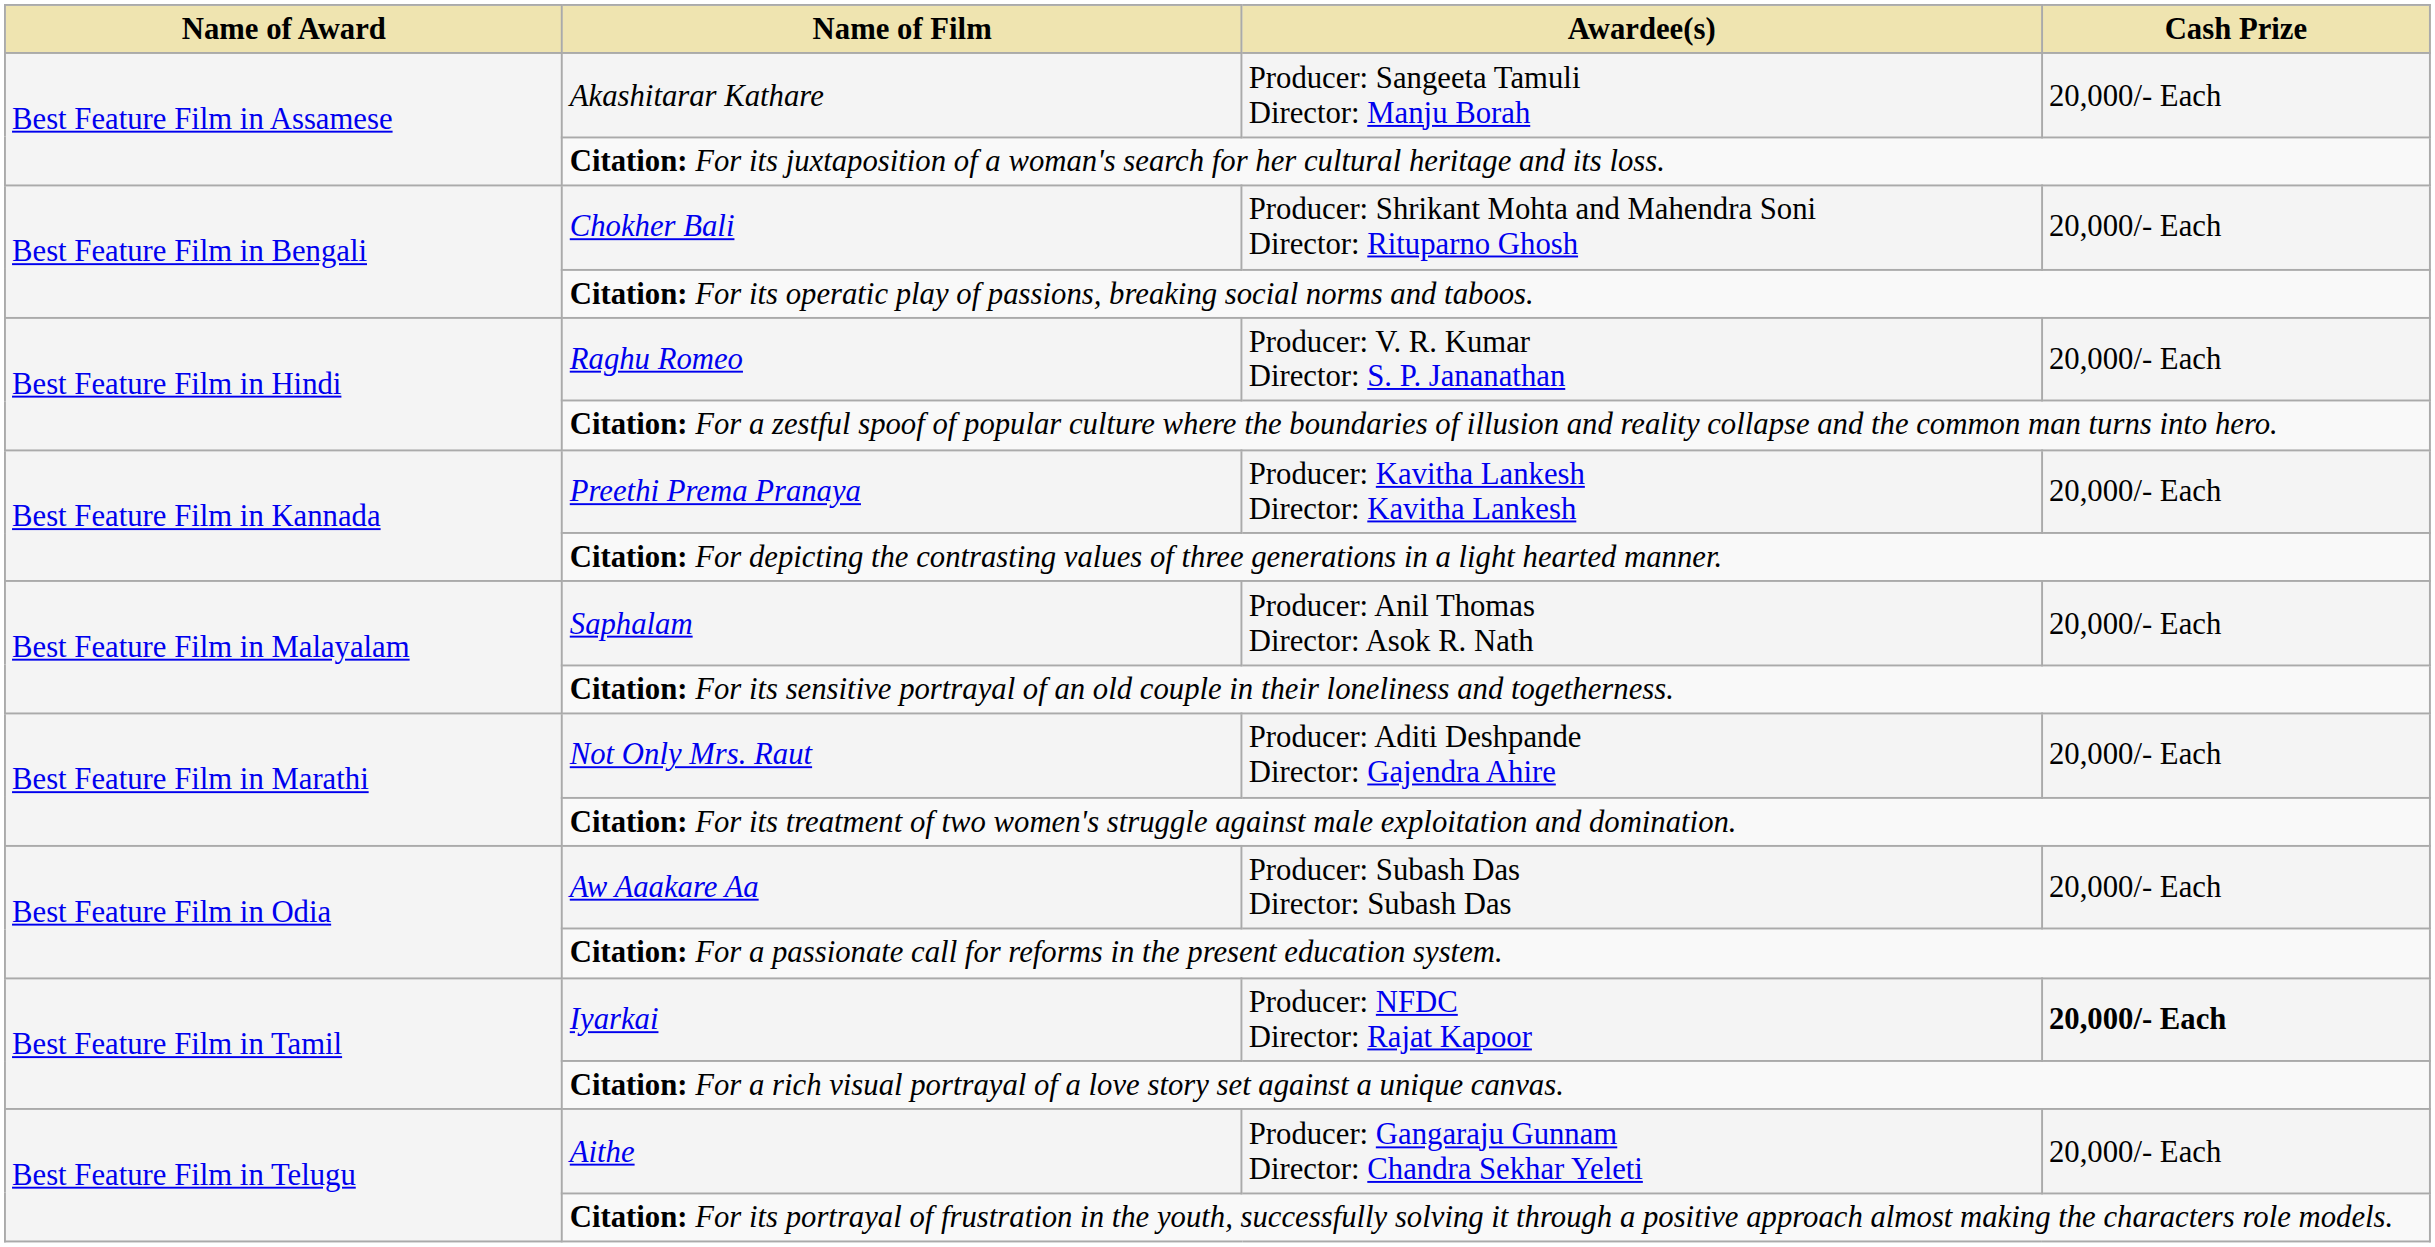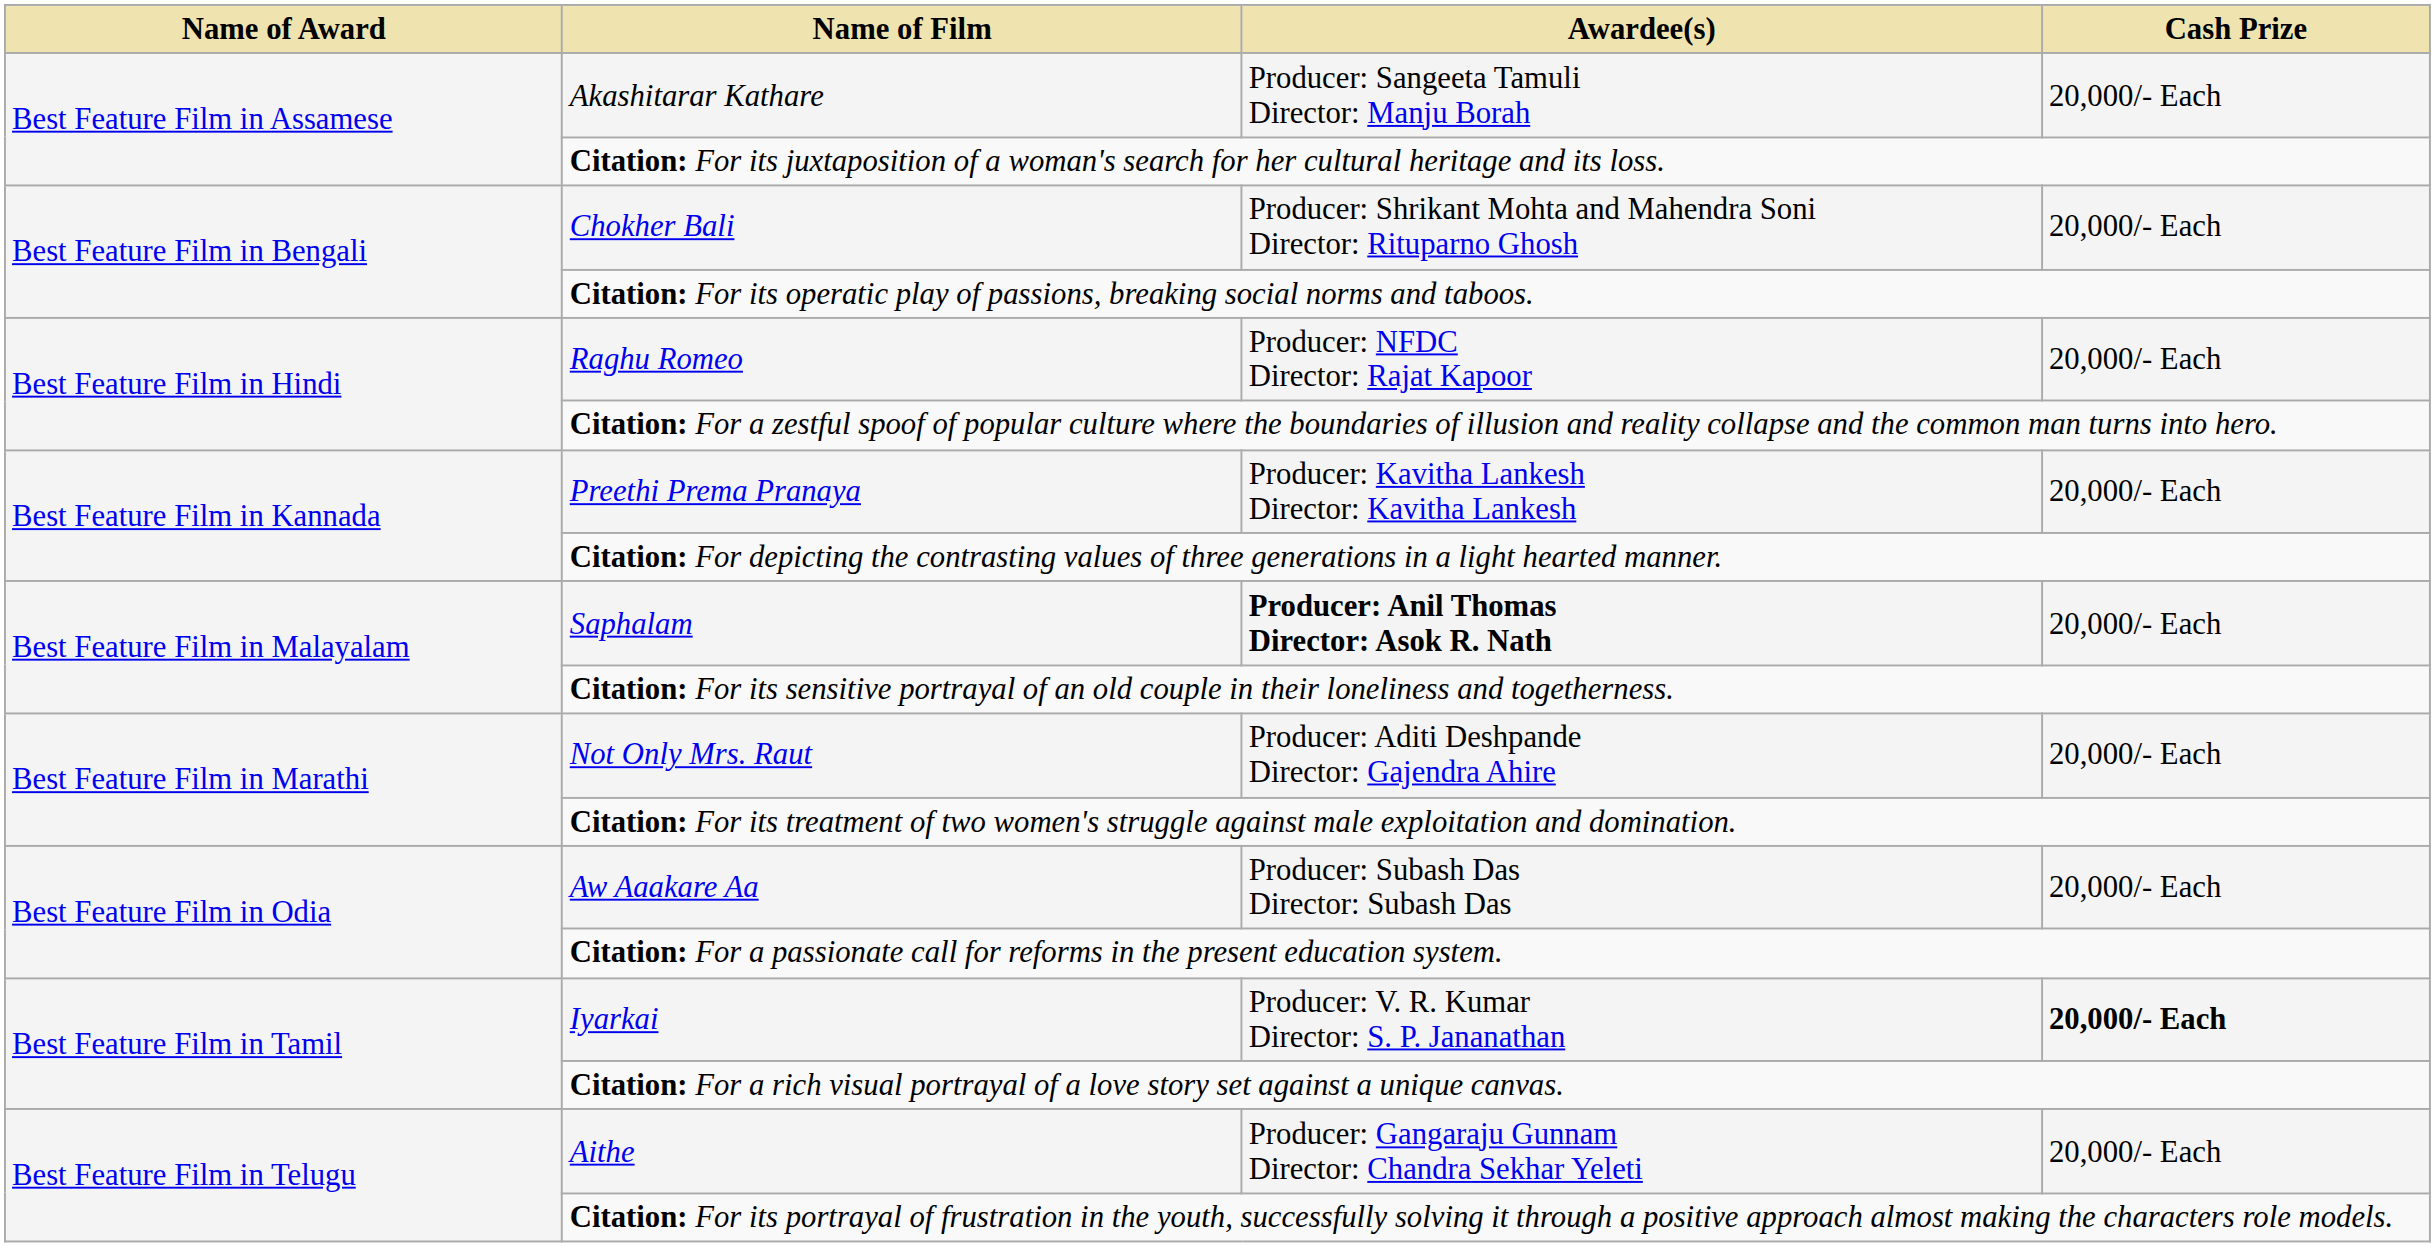 <table class="wikitable" style="width:100%;">
 <tr>
 <th style="background-color:#EFE4B0;width:23%;">Name of Award</th>
 <th style="background-color:#EFE4B0;width:28%;">Name of Film</th>
 <th style="background-color:#EFE4B0;width:33%;">Awardee(s)</th>
 <th style="background-color:#EFE4B0;width:16%;">Cash Prize</th>
 </tr>
 <tr style="background-color:#F4F4F4">
 <td rowspan="2"><a href='#'>Best Feature Film in Assamese</a></td>
 <td><em>Akashitarar Kathare</em></td>
 <td>Producer: Sangeeta Tamuli<br>Director: <a href='#'>Manju Borah</a></td>
 <td> 20,000/- Each</td>
 </tr>
 <tr style="background-color:#F9F9F9">
 <td colspan="3"><strong>Citation:</strong> <em>For its juxtaposition of a woman's search for her cultural heritage and its loss.</em></td>
 </tr>
 <tr style="background-color:#F4F4F4">
 <td rowspan="2"><a href='#'>Best Feature Film in Bengali</a></td>
 <td><em><a href='#'>Chokher Bali</a></em></td>
 <td>Producer: Shrikant Mohta and Mahendra Soni<br>Director: <a href='#'>Rituparno Ghosh</a></td>
 <td> 20,000/- Each</td>
 </tr>
 <tr style="background-color:#F9F9F9">
 <td colspan="3"><strong>Citation:</strong> <em>For its operatic play of passions, breaking social norms and taboos.</em></td>
 </tr>
 <tr style="background-color:#F4F4F4">
 <td rowspan="2"><a href='#'>Best Feature Film in Hindi</a></td>
 <td><em><a href='#'>Raghu Romeo</a></em></td>
-<td>Producer: V. R. Kumar<br>Director: <a href='#'>S. P. Jananathan</a></td>
+<td>Producer: <a href='#'>NFDC</a><br>Director: <a href='#'>Rajat Kapoor</a></td>
 <td> 20,000/- Each</td>
 </tr>
 <tr style="background-color:#F9F9F9">
 <td colspan="3"><strong>Citation:</strong> <em>For a zestful spoof of popular culture where the boundaries of illusion and reality collapse and the common man turns into hero.</em></td>
 </tr>
 <tr style="background-color:#F4F4F4">
 <td rowspan="2"><a href='#'>Best Feature Film in Kannada</a></td>
 <td><em><a href='#'>Preethi Prema Pranaya</a></em></td>
 <td>Producer: <a href='#'>Kavitha Lankesh</a><br>Director: <a href='#'>Kavitha Lankesh</a></td>
 <td> 20,000/- Each</td>
 </tr>
 <tr style="background-color:#F9F9F9">
 <td colspan="3"><strong>Citation:</strong> <em>For depicting the contrasting values of three generations in a light hearted manner.</em></td>
 </tr>
 <tr style="background-color:#F4F4F4">
 <td rowspan="2"><a href='#'>Best Feature Film in Malayalam</a></td>
 <td><em><a href='#'>Saphalam</a></em></td>
-<td>Producer: Anil Thomas<br>Director: Asok R. Nath</td>
+<td><strong>Producer: Anil Thomas<br>Director: Asok R. Nath</strong></td>
 <td> 20,000/- Each</td>
 </tr>
 <tr style="background-color:#F9F9F9">
 <td colspan="3"><strong>Citation:</strong> <em>For its sensitive portrayal of an old couple in their loneliness and togetherness.</em></td>
 </tr>
 <tr style="background-color:#F4F4F4">
 <td rowspan="2"><a href='#'>Best Feature Film in Marathi</a></td>
 <td><em><a href='#'>Not Only Mrs. Raut</a></em></td>
 <td>Producer: Aditi Deshpande<br>Director: <a href='#'>Gajendra Ahire</a></td>
 <td> 20,000/- Each</td>
 </tr>
 <tr style="background-color:#F9F9F9">
 <td colspan="3"><strong>Citation:</strong> <em>For its treatment of two women's struggle against male exploitation and domination.</em></td>
 </tr>
 <tr style="background-color:#F4F4F4">
 <td rowspan="2"><a href='#'>Best Feature Film in Odia</a></td>
 <td><em><a href='#'>Aw Aaakare Aa</a></em></td>
 <td>Producer: Subash Das<br>Director: Subash Das</td>
 <td> 20,000/- Each</td>
 </tr>
 <tr style="background-color:#F9F9F9">
 <td colspan="3"><strong>Citation:</strong> <em>For a passionate call for reforms in the present education system.</em></td>
 </tr>
 <tr style="background-color:#F4F4F4">
 <td rowspan="2"><a href='#'>Best Feature Film in Tamil</a></td>
 <td><em><a href='#'>Iyarkai</a></em></td>
-<td>Producer: <a href='#'>NFDC</a><br>Director: <a href='#'>Rajat Kapoor</a></td>
+<td>Producer: V. R. Kumar<br>Director: <a href='#'>S. P. Jananathan</a></td>
 <td><strong> 20,000/- Each</strong></td>
 </tr>
 <tr style="background-color:#F9F9F9">
 <td colspan="3"><strong>Citation:</strong> <em>For a rich visual portrayal of a love story set against a unique canvas.</em></td>
 </tr>
 <tr style="background-color:#F4F4F4">
 <td rowspan="2"><a href='#'>Best Feature Film in Telugu</a></td>
 <td><em><a href='#'>Aithe</a></em></td>
 <td>Producer: <a href='#'>Gangaraju Gunnam</a><br>Director: <a href='#'>Chandra Sekhar Yeleti</a></td>
 <td> 20,000/- Each</td>
 </tr>
 <tr style="background-color:#F9F9F9">
 <td colspan="3"><strong>Citation:</strong> <em>For its portrayal of frustration in the youth, successfully solving it through a positive approach almost making the characters role models.</em></td>
 </tr>
 </table>
